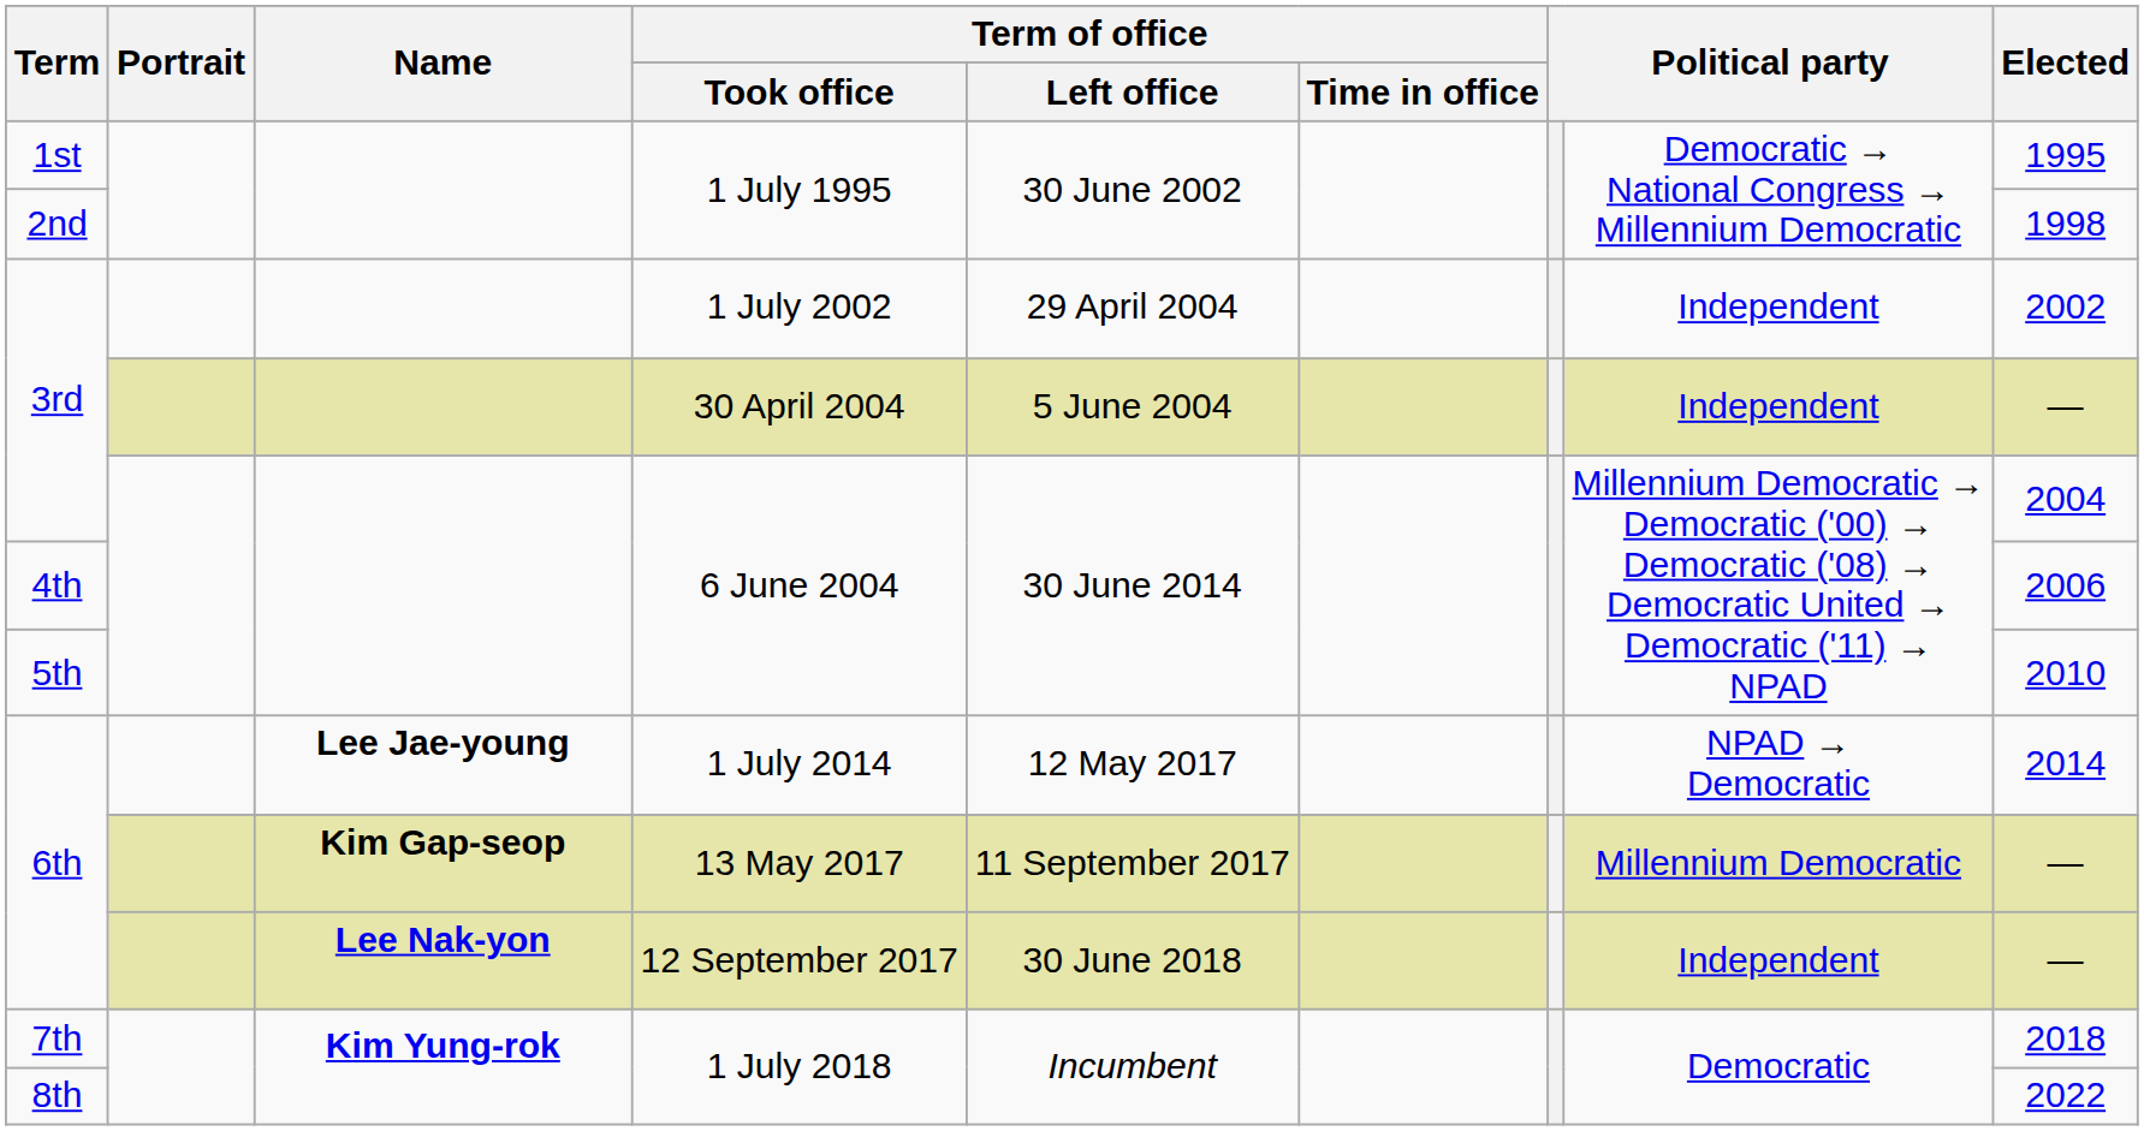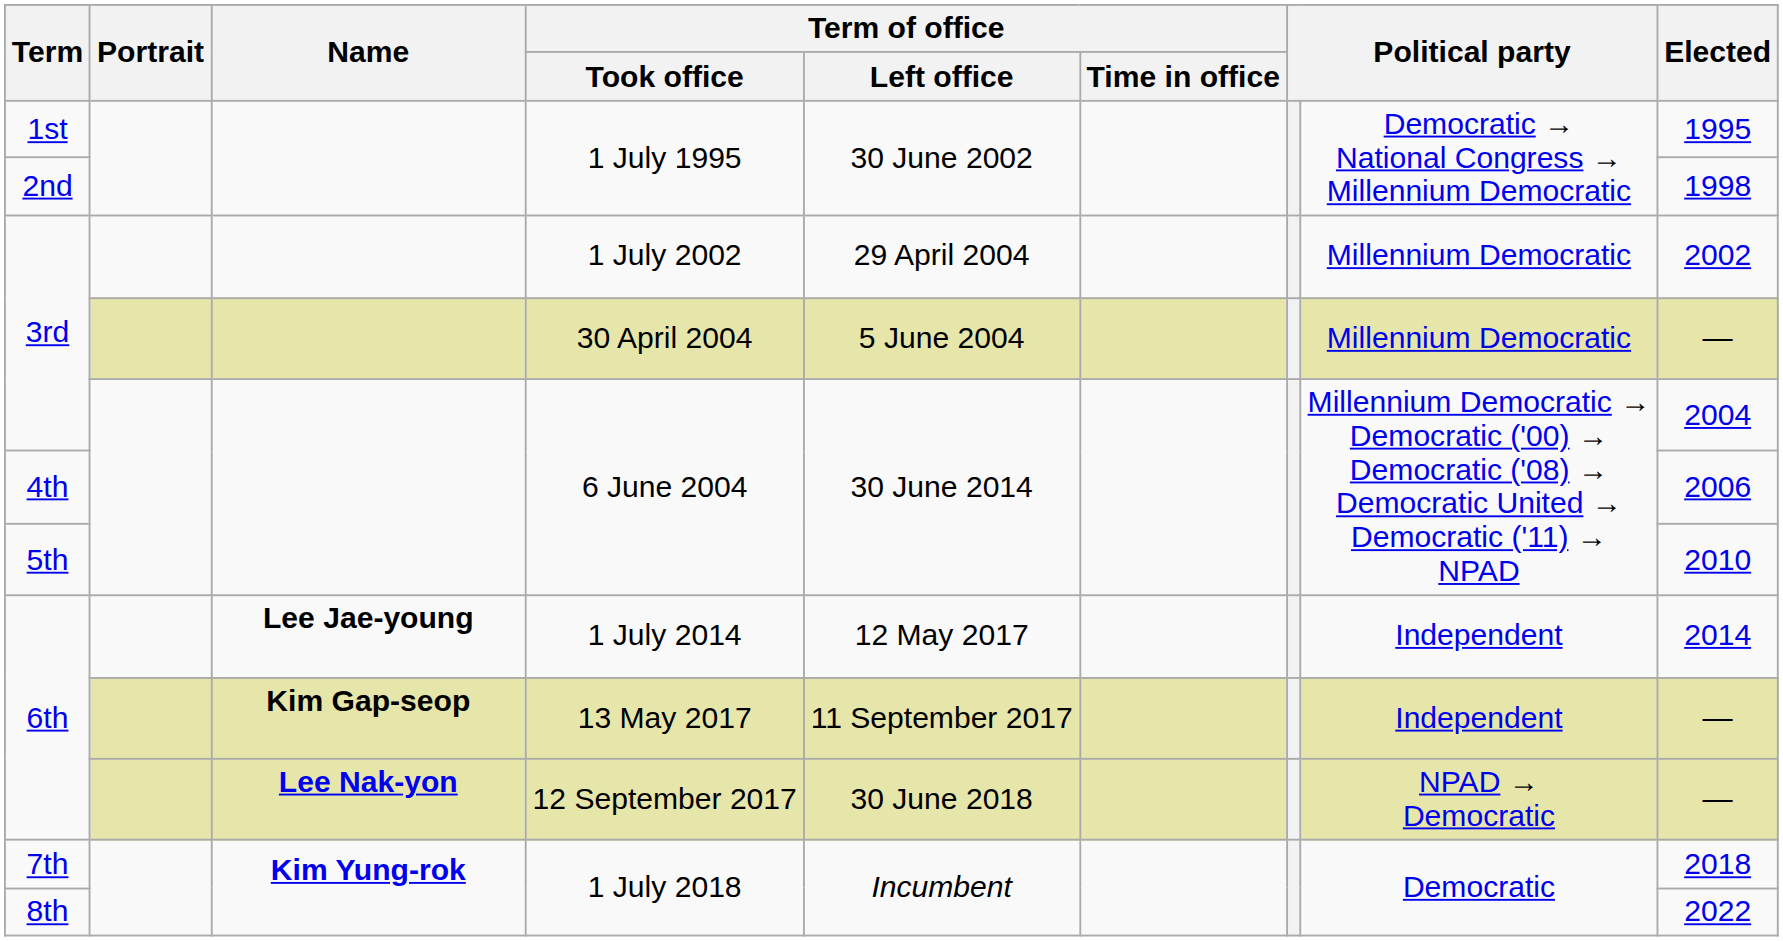 <table class="wikitable" style="text-align:center">
 <tr>
 <th rowspan="2">Term</th>
 <th rowspan="2">Portrait</th>
 <th rowspan="2" width="160">Name<br></th>
 <th colspan="3">Term of office</th>
 <th colspan="2" rowspan="2">Political party</th>
 <th rowspan="2">Elected</th>
 </tr>
 <tr>
 <th>Took office</th>
 <th>Left office</th>
 <th>Time in office</th>
 </tr>
 <tr>
 <td><a href='#'>1st</a></td>
 <td rowspan="2"></td>
 <td rowspan="2"><strong></strong><br><br></td>
 <td rowspan="2">1 July 1995</td>
 <td rowspan="2">30 June 2002</td>
 <td rowspan="2"></td>
 <th rowspan="2" style="background:"></th>
 <td rowspan="2"><a href='#'>Democratic</a> →<br><a href='#'>National Congress</a> →<br><a href='#'>Millennium Democratic</a></td>
 <td><a href='#'>1995</a></td>
 </tr>
 <tr>
 <td><a href='#'>2nd</a></td>
 <td><a href='#'>1998</a></td>
 </tr>
 <tr>
 <td rowspan="3"><a href='#'>3rd</a></td>
 <td></td>
 <td><strong></strong><br><br></td>
 <td>1 July 2002</td>
 <td>29 April 2004</td>
 <td></td>
 <th style="background:"></th>
-<td><a href='#'>Independent</a></td>
+<td><a href='#'>Millennium Democratic</a></td>
 <td><a href='#'>2002</a></td>
 </tr>
 <tr style="background:#E6E6AA;">
 <td></td>
 <td><strong></strong><br><br></td>
 <td>30 April 2004</td>
 <td>5 June 2004</td>
 <td></td>
 <th style="background:"></th>
-<td><a href='#'>Independent</a></td>
+<td><a href='#'>Millennium Democratic</a></td>
 <td>—</td>
 </tr>
 <tr>
 <td rowspan="3"></td>
 <td rowspan="3"><strong></strong><br><br></td>
 <td rowspan="3">6 June 2004</td>
 <td rowspan="3">30 June 2014</td>
 <td rowspan="3"></td>
 <th rowspan="3" style="background:"></th>
 <td rowspan="3"><a href='#'>Millennium Democratic</a> →<br><a href='#'>Democratic ('00)</a> →<br><a href='#'>Democratic ('08)</a> →<br><a href='#'>Democratic United</a> →<br><a href='#'>Democratic ('11)</a> →<br><a href='#'>NPAD</a></td>
 <td><a href='#'>2004 </a></td>
 </tr>
 <tr>
 <td><a href='#'>4th</a></td>
 <td><a href='#'>2006</a></td>
 </tr>
 <tr>
 <td><a href='#'>5th</a></td>
 <td><a href='#'>2010</a></td>
 </tr>
 <tr>
 <td rowspan="3"><a href='#'>6th</a></td>
 <td></td>
 <td><strong>Lee Jae-young</strong><br><br></td>
 <td>1 July 2014</td>
 <td>12 May 2017</td>
 <td></td>
 <th style="background:"></th>
-<td><a href='#'>NPAD</a> →<br><a href='#'>Democratic</a></td>
+<td><a href='#'>Independent</a></td>
 <td><a href='#'>2014</a></td>
 </tr>
 <tr style="background:#E6E6AA;">
 <td></td>
 <td><strong>Kim Gap-seop</strong><br><br></td>
 <td>13 May 2017</td>
 <td>11 September 2017</td>
 <td></td>
 <th style="background:"></th>
-<td><a href='#'>Millennium Democratic</a></td>
+<td><a href='#'>Independent</a></td>
 <td>—</td>
 </tr>
 <tr style="background:#E6E6AA;">
 <td></td>
 <td><strong><a href='#'>Lee Nak-yon</a></strong><br><br></td>
 <td>12 September 2017</td>
 <td>30 June 2018</td>
 <td></td>
 <th style="background:"></th>
-<td><a href='#'>Independent</a></td>
+<td><a href='#'>NPAD</a> →<br><a href='#'>Democratic</a></td>
 <td>—</td>
 </tr>
 <tr>
 <td><a href='#'>7th</a></td>
 <td rowspan="2"></td>
 <td rowspan="2"><strong><a href='#'>Kim Yung-rok</a></strong><br><br></td>
 <td rowspan="2">1 July 2018</td>
 <td rowspan="2"><em>Incumbent</em></td>
 <td rowspan="2"></td>
 <th rowspan="2" style="background:"></th>
 <td rowspan="2"><a href='#'>Democratic</a></td>
 <td><a href='#'>2018</a></td>
 </tr>
 <tr>
 <td><a href='#'>8th</a></td>
 <td><a href='#'>2022</a></td>
 </tr>
 </table>
